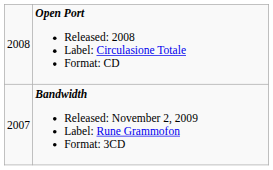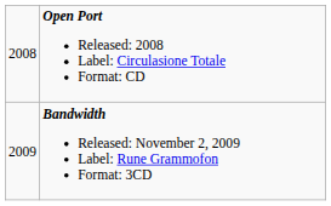 <table class="wikitable">
 <tr>
 <td>2008</td>
 <td style="width:20em"><strong><em>Open Port</em></strong><br><ul><li>Released: 2008</li><li>Label: <a href='#'>Circulasione Totale</a></li><li>Format: CD</li></ul></td>
 </tr>
 <tr>
-<td>2007</td>
+<td>2009</td>
 <td style="width:20em"><strong><em>Bandwidth</em></strong><br><ul><li>Released: November 2, 2009</li><li>Label: <a href='#'>Rune Grammofon</a> </li><li>Format: 3CD</li></ul></td>
 </tr>
 </table>
